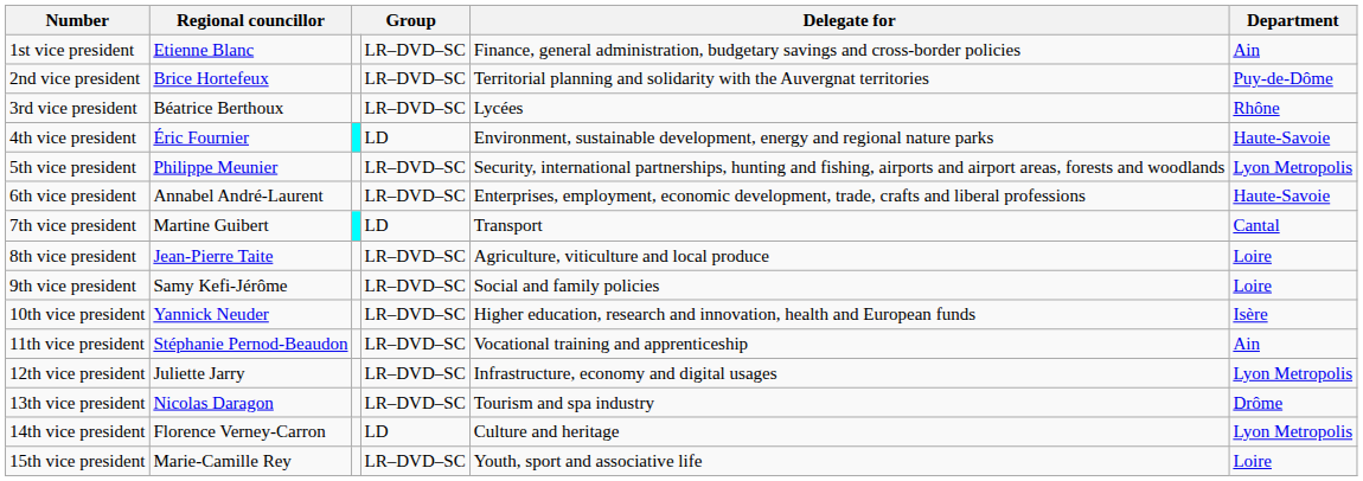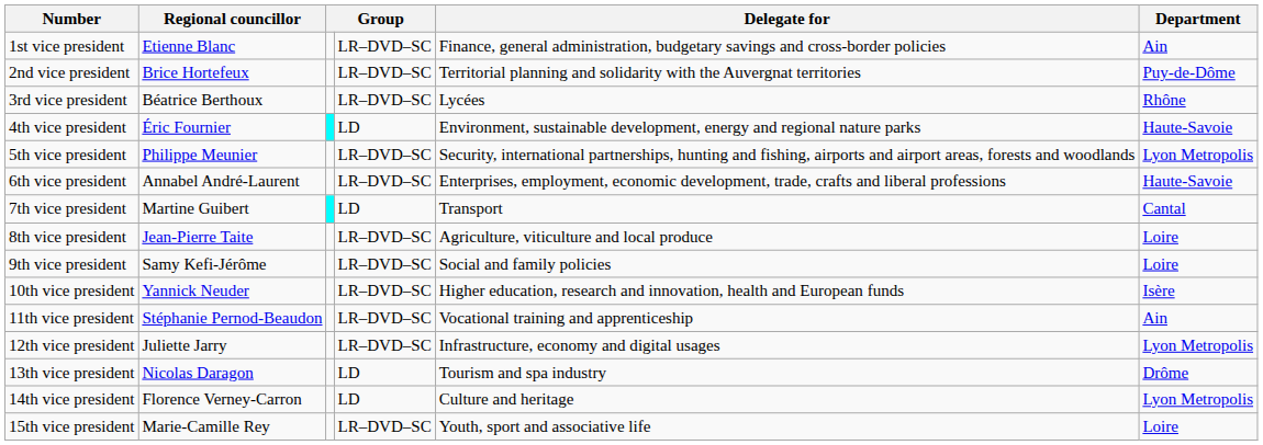 <table class="wikitable" style="font-size:95%;">
 <tr>
 <th>Number</th>
 <th>Regional councillor</th>
 <th colspan="2">Group</th>
 <th>Delegate for</th>
 <th>Department</th>
 </tr>
 <tr>
 <td>1st vice president</td>
 <td><a href='#'>Etienne Blanc</a></td>
 <td style="background:"></td>
 <td>LR–DVD–SC</td>
 <td>Finance, general administration, budgetary savings and cross-border policies</td>
 <td><a href='#'>Ain</a></td>
 </tr>
 <tr>
 <td>2nd vice president</td>
 <td><a href='#'>Brice Hortefeux</a></td>
 <td style="background:"></td>
 <td>LR–DVD–SC</td>
 <td>Territorial planning and solidarity with the Auvergnat territories</td>
 <td><a href='#'>Puy-de-Dôme</a></td>
 </tr>
 <tr>
 <td>3rd vice president</td>
 <td>Béatrice Berthoux</td>
 <td style="background:"></td>
 <td>LR–DVD–SC</td>
 <td>Lycées</td>
 <td><a href='#'>Rhône</a></td>
 </tr>
 <tr>
 <td>4th vice president</td>
 <td><a href='#'>Éric Fournier</a></td>
 <td style="background:#00FFFF;"></td>
 <td>LD</td>
 <td>Environment, sustainable development, energy and regional nature parks</td>
 <td><a href='#'>Haute-Savoie</a></td>
 </tr>
 <tr>
 <td>5th vice president</td>
 <td><a href='#'>Philippe Meunier</a></td>
 <td style="background:"></td>
 <td>LR–DVD–SC</td>
 <td>Security, international partnerships, hunting and fishing, airports and airport areas, forests and woodlands</td>
 <td><a href='#'>Lyon Metropolis</a></td>
 </tr>
 <tr>
 <td>6th vice president</td>
 <td>Annabel André-Laurent</td>
 <td style="background:"></td>
 <td>LR–DVD–SC</td>
 <td>Enterprises, employment, economic development, trade, crafts and liberal professions</td>
 <td><a href='#'>Haute-Savoie</a></td>
 </tr>
 <tr>
 <td>7th vice president</td>
 <td>Martine Guibert</td>
 <td style="background:#00FFFF;"></td>
 <td>LD</td>
 <td>Transport</td>
 <td><a href='#'>Cantal</a></td>
 </tr>
 <tr>
 <td>8th vice president</td>
 <td><a href='#'>Jean-Pierre Taite</a></td>
 <td style="background:"></td>
 <td>LR–DVD–SC</td>
 <td>Agriculture, viticulture and local produce</td>
 <td><a href='#'>Loire</a></td>
 </tr>
 <tr>
 <td>9th vice president</td>
 <td>Samy Kefi-Jérôme</td>
 <td style="background:"></td>
 <td>LR–DVD–SC</td>
 <td>Social and family policies</td>
 <td><a href='#'>Loire</a></td>
 </tr>
 <tr>
 <td>10th vice president</td>
 <td><a href='#'>Yannick Neuder</a></td>
 <td style="background:"></td>
 <td>LR–DVD–SC</td>
 <td>Higher education, research and innovation, health and European funds</td>
 <td><a href='#'>Isère</a></td>
 </tr>
 <tr>
 <td>11th vice president</td>
 <td><a href='#'>Stéphanie Pernod-Beaudon</a></td>
 <td style="background:"></td>
 <td>LR–DVD–SC</td>
 <td>Vocational training and apprenticeship</td>
 <td><a href='#'>Ain</a></td>
 </tr>
 <tr>
 <td>12th vice president</td>
 <td>Juliette Jarry</td>
 <td style="background:"></td>
 <td>LR–DVD–SC</td>
 <td>Infrastructure, economy and digital usages</td>
 <td><a href='#'>Lyon Metropolis</a></td>
 </tr>
 <tr>
 <td>13th vice president</td>
 <td><a href='#'>Nicolas Daragon</a></td>
 <td style="background:"></td>
-<td>LR–DVD–SC</td>
+<td>LD</td>
 <td>Tourism and spa industry</td>
 <td><a href='#'>Drôme</a></td>
 </tr>
 <tr>
 <td>14th vice president</td>
 <td>Florence Verney-Carron</td>
 <td style="background:"></td>
 <td>LD</td>
 <td>Culture and heritage</td>
 <td><a href='#'>Lyon Metropolis</a></td>
 </tr>
 <tr>
 <td>15th vice president</td>
 <td>Marie-Camille Rey</td>
 <td style="background:"></td>
 <td>LR–DVD–SC</td>
 <td>Youth, sport and associative life</td>
 <td><a href='#'>Loire</a></td>
 </tr>
 </table>
